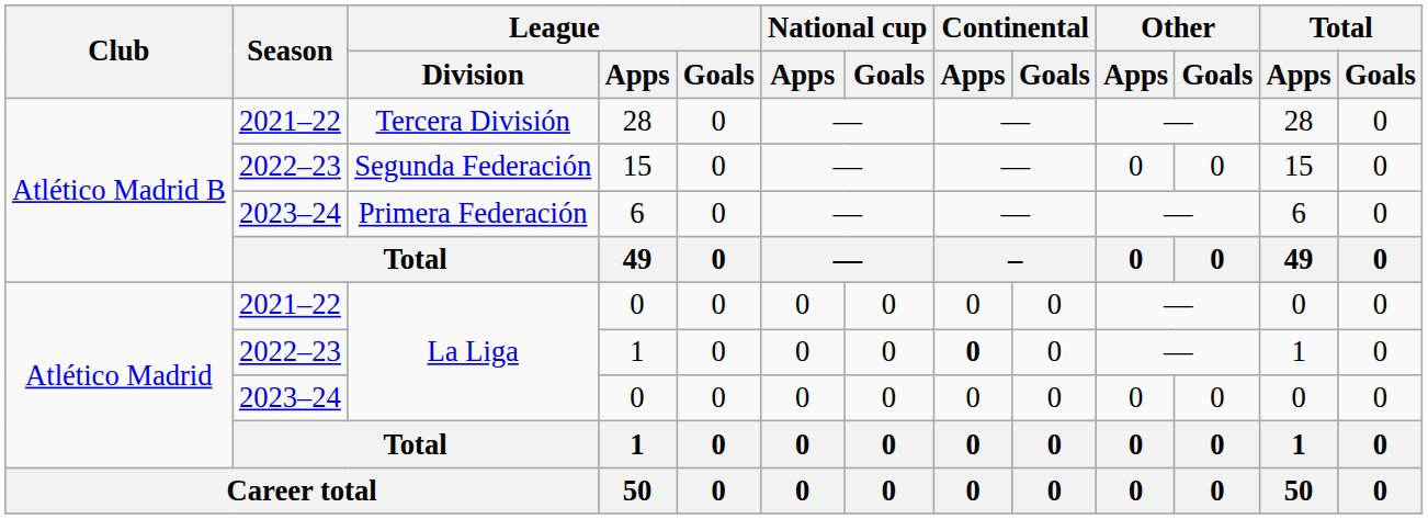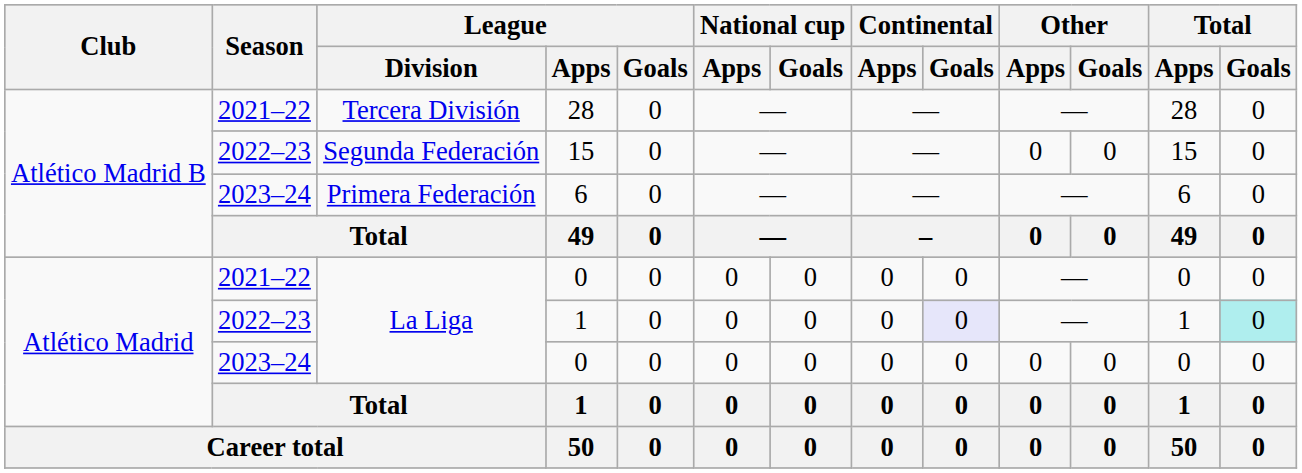 <table class="wikitable" style="text-align:center">
 <tr>
 <th rowspan="2">Club</th>
 <th rowspan="2">Season</th>
 <th colspan="3">League</th>
 <th colspan="2">National cup</th>
 <th colspan="2">Continental</th>
 <th colspan="2">Other</th>
 <th colspan="2">Total</th>
 </tr>
 <tr>
 <th>Division</th>
 <th>Apps</th>
 <th>Goals</th>
 <th>Apps</th>
 <th>Goals</th>
 <th>Apps</th>
 <th>Goals</th>
 <th>Apps</th>
 <th>Goals</th>
 <th>Apps</th>
 <th>Goals</th>
 </tr>
 <tr>
 <td rowspan="4"><a href='#'>Atlético Madrid B</a></td>
 <td><a href='#'>2021–22</a></td>
 <td><a href='#'>Tercera División</a></td>
 <td>28</td>
 <td>0</td>
 <td colspan="2">—</td>
 <td colspan="2">—</td>
 <td colspan="2">—</td>
 <td>28</td>
 <td>0</td>
 </tr>
 <tr>
 <td><a href='#'>2022–23</a></td>
 <td><a href='#'>Segunda Federación</a></td>
 <td>15</td>
 <td>0</td>
 <td colspan="2">—</td>
 <td colspan="2">—</td>
 <td>0</td>
 <td>0</td>
 <td>15</td>
 <td>0</td>
 </tr>
 <tr>
 <td><a href='#'>2023–24</a></td>
 <td><a href='#'>Primera Federación</a></td>
 <td>6</td>
 <td>0</td>
 <td colspan="2">—</td>
 <td colspan="2">—</td>
 <td colspan="2">—</td>
 <td>6</td>
 <td>0</td>
 </tr>
 <tr>
 <th colspan="2">Total</th>
 <th>49</th>
 <th>0</th>
 <th colspan="2">—</th>
 <th colspan="2">–</th>
 <th>0</th>
 <th>0</th>
 <th>49</th>
 <th>0</th>
 </tr>
 <tr>
 <td rowspan="4"><a href='#'>Atlético Madrid</a></td>
 <td><a href='#'>2021–22</a></td>
 <td rowspan="3"><a href='#'>La Liga</a></td>
 <td>0</td>
 <td>0</td>
 <td>0</td>
 <td>0</td>
 <td>0</td>
 <td>0</td>
 <td colspan="2">—</td>
 <td>0</td>
 <td>0</td>
 </tr>
 <tr>
 <td><a href='#'>2022–23</a></td>
 <td>1</td>
 <td>0</td>
 <td>0</td>
 <td>0</td>
-<td><strong>0</strong></td>
 <td>0</td>
+<td style="background: lavender;">0</td>
 <td colspan="2">—</td>
 <td>1</td>
-<td>0</td>
+<td style="background: paleturquoise;">0</td>
 </tr>
 <tr>
 <td><a href='#'>2023–24</a></td>
 <td>0</td>
 <td>0</td>
 <td>0</td>
 <td>0</td>
 <td>0</td>
 <td>0</td>
 <td>0</td>
 <td>0</td>
 <td>0</td>
 <td>0</td>
 </tr>
 <tr>
 <th colspan="2">Total</th>
 <th>1</th>
 <th>0</th>
 <th>0</th>
 <th>0</th>
 <th>0</th>
 <th>0</th>
 <th>0</th>
 <th>0</th>
 <th>1</th>
 <th>0</th>
 </tr>
 <tr>
 <th colspan="3">Career total</th>
 <th>50</th>
 <th>0</th>
 <th>0</th>
 <th>0</th>
 <th>0</th>
 <th>0</th>
 <th>0</th>
 <th>0</th>
 <th>50</th>
 <th>0</th>
 </tr>
 </table>
